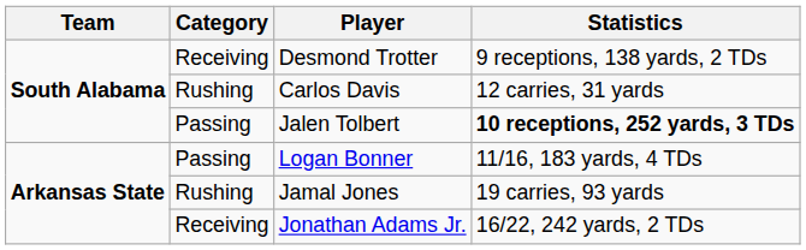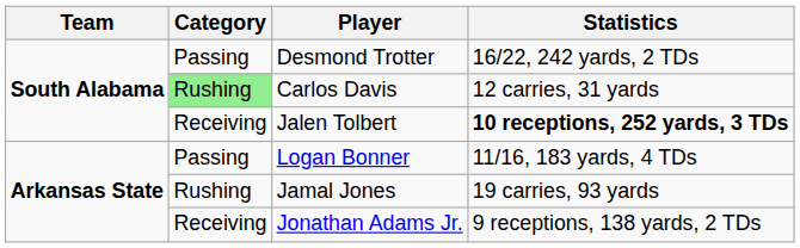 <table class="wikitable" style="float: left;">
 <tr>
 <th>Team</th>
 <th>Category</th>
 <th>Player</th>
 <th>Statistics</th>
 </tr>
 <tr>
 <td rowspan=3><strong>South Alabama</strong></td>
-<td>Receiving</td>
+<td>Passing</td>
 <td>Desmond Trotter</td>
-<td>9 receptions, 138 yards, 2 TDs</td>
+<td>16/22, 242 yards, 2 TDs</td>
 </tr>
 <tr>
-<td>Rushing</td>
+<td style="background: lightgreen;">Rushing</td>
 <td>Carlos Davis</td>
 <td>12 carries, 31 yards</td>
 </tr>
 <tr>
-<td>Passing</td>
+<td>Receiving</td>
 <td>Jalen Tolbert</td>
 <td><strong>10 receptions, 252 yards, 3 TDs</strong></td>
 </tr>
 <tr>
 <td rowspan=3><strong>Arkansas State</strong></td>
 <td>Passing</td>
 <td><a href='#'>Logan Bonner</a></td>
 <td>11/16, 183 yards, 4 TDs</td>
 </tr>
 <tr>
 <td>Rushing</td>
 <td>Jamal Jones</td>
 <td>19 carries, 93 yards</td>
 </tr>
 <tr>
 <td>Receiving</td>
 <td><a href='#'>Jonathan Adams Jr.</a></td>
-<td>16/22, 242 yards, 2 TDs</td>
+<td>9 receptions, 138 yards, 2 TDs</td>
 </tr>
 </table>
